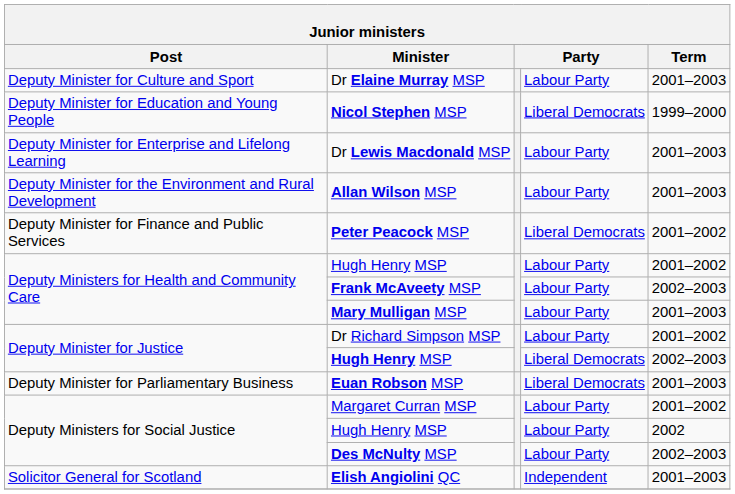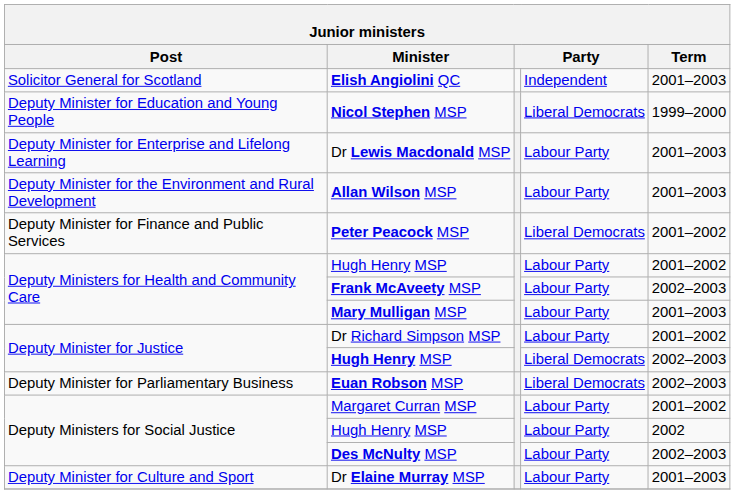 <table class="wikitable">
 <tr>
 <th colspan="5"><br>Junior ministers</th>
 </tr>
 <tr>
 <th style="width: 340px">Post</th>
 <th>Minister</th>
 <th colspan="2">Party</th>
 <th>Term</th>
 </tr>
 <tr>
-<td><a href='#'>Deputy Minister for Culture and Sport</a></td>
-<td>Dr <strong><a href='#'>Elaine Murray</a></strong> <a href='#'>MSP</a></td>
-<th style="background-color: "></th>
-<td><a href='#'>Labour Party</a></td>
+<td><a href='#'>Solicitor General for Scotland</a></td>
+<td><strong><a href='#'>Elish Angiolini</a></strong> <a href='#'>QC</a></td>
+<td></td>
+<td><a href='#'>Independent</a></td>
 <td>2001–2003</td>
 </tr>
 <tr>
 <td><a href='#'>Deputy Minister for Education and Young People</a></td>
 <td><strong><a href='#'>Nicol Stephen</a></strong> <a href='#'>MSP</a></td>
 <th style="background-color: "></th>
 <td><a href='#'>Liberal Democrats</a></td>
 <td>1999–2000</td>
 </tr>
 <tr>
 <td><a href='#'>Deputy Minister for Enterprise and Lifelong Learning</a></td>
 <td>Dr <strong><a href='#'>Lewis Macdonald</a></strong> <a href='#'>MSP</a></td>
 <th style="background-color: "></th>
 <td><a href='#'>Labour Party</a></td>
 <td>2001–2003</td>
 </tr>
 <tr>
 <td><a href='#'>Deputy Minister for the Environment and Rural Development</a></td>
 <td><strong><a href='#'>Allan Wilson</a></strong> <a href='#'>MSP</a></td>
 <th style="background-color: "></th>
 <td><a href='#'>Labour Party</a></td>
 <td>2001–2003</td>
 </tr>
 <tr>
 <td>Deputy Minister for Finance and Public Services</td>
 <td><strong><a href='#'>Peter Peacock</a></strong> <a href='#'>MSP</a></td>
 <th style="background-color: "></th>
 <td><a href='#'>Liberal Democrats</a></td>
 <td>2001–2002</td>
 </tr>
 <tr>
 <td rowspan="3"><a href='#'>Deputy Ministers for Health and Community Care</a></td>
 <td><a href='#'>Hugh Henry</a> <a href='#'>MSP</a></td>
 <th rowspan="3" style="background-color: "></th>
 <td><a href='#'>Labour Party</a></td>
 <td>2001–2002</td>
 </tr>
 <tr>
 <td><strong><a href='#'>Frank McAveety</a></strong> <a href='#'>MSP</a></td>
 <td><a href='#'>Labour Party</a></td>
 <td>2002–2003</td>
 </tr>
 <tr>
 <td><strong><a href='#'>Mary Mulligan</a></strong> <a href='#'>MSP</a></td>
 <td><a href='#'>Labour Party</a></td>
 <td>2001–2003</td>
 </tr>
 <tr>
 <td rowspan="2"><a href='#'>Deputy Minister for Justice</a></td>
 <td>Dr <a href='#'>Richard Simpson</a> <a href='#'>MSP</a></td>
 <th rowspan="2" style="background-color: "></th>
 <td><a href='#'>Labour Party</a></td>
 <td>2001–2002</td>
 </tr>
 <tr>
 <td><strong><a href='#'>Hugh Henry</a></strong> <a href='#'>MSP</a></td>
 <td><a href='#'>Liberal Democrats</a></td>
 <td>2002–2003</td>
 </tr>
 <tr>
 <td>Deputy Minister for Parliamentary Business</td>
 <td><strong><a href='#'>Euan Robson</a></strong> <a href='#'>MSP</a></td>
 <th style="background-color: "></th>
 <td><a href='#'>Liberal Democrats</a></td>
-<td>2001–2003</td>
+<td>2002–2003</td>
 </tr>
 <tr>
 <td rowspan="3">Deputy Ministers for Social Justice</td>
 <td><a href='#'>Margaret Curran</a> <a href='#'>MSP</a></td>
 <th rowspan="3" style="background-color: "></th>
 <td><a href='#'>Labour Party</a></td>
 <td>2001–2002</td>
 </tr>
 <tr>
 <td><a href='#'>Hugh Henry</a> <a href='#'>MSP</a></td>
 <td><a href='#'>Labour Party</a></td>
 <td>2002</td>
 </tr>
 <tr>
 <td><strong><a href='#'>Des McNulty</a></strong> <a href='#'>MSP</a></td>
 <td><a href='#'>Labour Party</a></td>
 <td>2002–2003</td>
 </tr>
 <tr>
-<td><a href='#'>Solicitor General for Scotland</a></td>
-<td><strong><a href='#'>Elish Angiolini</a></strong> <a href='#'>QC</a></td>
-<td></td>
-<td><a href='#'>Independent</a></td>
+<td><a href='#'>Deputy Minister for Culture and Sport</a></td>
+<td>Dr <strong><a href='#'>Elaine Murray</a></strong> <a href='#'>MSP</a></td>
+<th style="background-color: "></th>
+<td><a href='#'>Labour Party</a></td>
 <td>2001–2003</td>
 </tr>
 <tr>
 </tr>
 </table>
